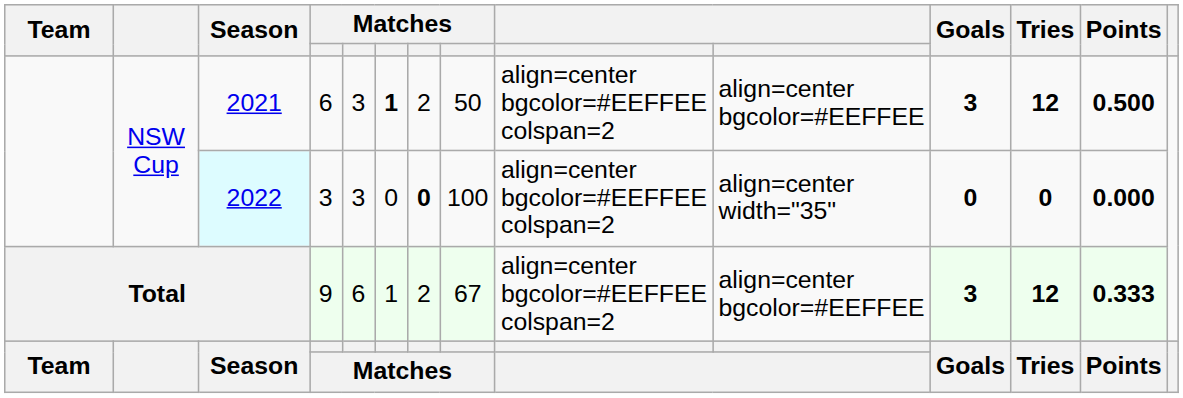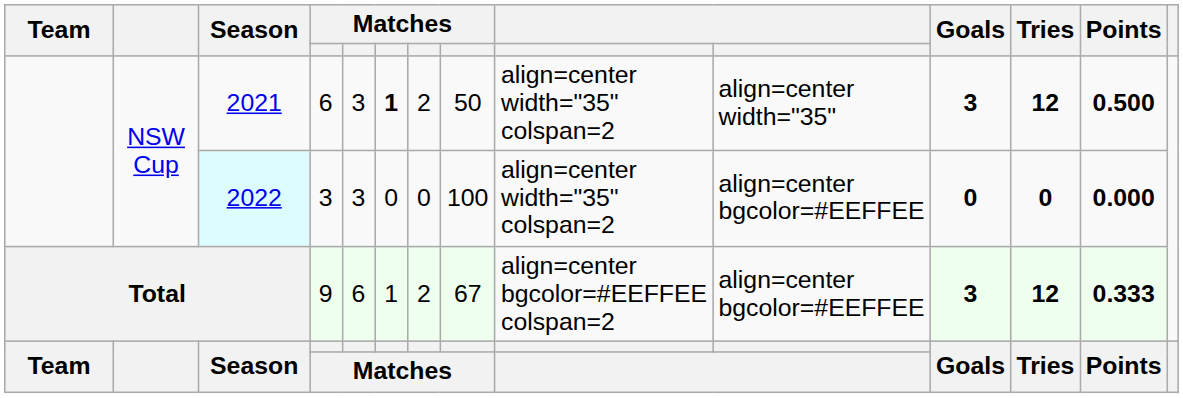 <table class="wikitable" style="width:60%;">
 <tr>
 <th rowspan=2 width="160">Team</th>
 <th rowspan=2 width="95"></th>
 <th rowspan=2 width="95">Season</th>
 <th colspan=5>Matches</th>
 <th colspan=2></th>
 <th rowspan=2>Goals</th>
 <th rowspan=2>Tries</th>
 <th rowspan=2>Points</th>
 <th rowspan=2></th>
 </tr>
 <tr>
 <th></th>
 <th></th>
 <th></th>
 <th></th>
 <th></th>
 <th></th>
 <th></th>
 </tr>
 <tr>
 <td align=center rowspan=2></td>
 <td align=center rowspan=2><a href='#'>NSW Cup</a></td>
 <td align=center><a href='#'>2021</a></td>
 <td align=center width="35">6</td>
 <td align=center width="35">3</td>
 <td align=center width="35"><strong>1</strong></td>
 <td align=center width="35">2</td>
 <td align=center width="35">50</td>
-<td>align=center bgcolor=#EEFFEE colspan=2 </td>
-<td>align=center bgcolor=#EEFFEE </td>
+<td>align=center width="35" colspan=2 </td>
+<td>align=center width="35" </td>
 <td align=center width="35"><strong>3</strong></td>
 <td align=center width="35"><strong>12</strong></td>
 <td align=center width="45"><strong>0.500</strong></td>
 </tr>
 <tr>
 <td align=center bgcolor=#DDFCFF><a href='#'>2022</a></td>
 <td align=center width="35">3</td>
 <td align=center width="35">3</td>
 <td align=center width="35">0</td>
-<td align=center width="35"><strong>0</strong></td>
+<td align=center width="35">0</td>
 <td align=center width="35">100</td>
-<td>align=center bgcolor=#EEFFEE colspan=2 </td>
-<td>align=center width="35" </td>
+<td>align=center width="35" colspan=2 </td>
+<td>align=center bgcolor=#EEFFEE </td>
 <td align=center width="35"><strong>0</strong></td>
 <td align=center width="35"><strong>0</strong></td>
 <td align=center width="45"><strong>0.000</strong></td>
 </tr>
 <tr>
 <th colspan=3>Total</th>
 <td align=center bgcolor=#EEFFEE>9</td>
 <td align=center bgcolor=#EEFFEE>6</td>
 <td align=center bgcolor=#EEFFEE>1</td>
 <td align=center bgcolor=#EEFFEE>2</td>
 <td align=center bgcolor=#EEFFEE>67</td>
 <td>align=center bgcolor=#EEFFEE colspan=2 </td>
 <td>align=center bgcolor=#EEFFEE </td>
 <td align=center bgcolor=#EEFFEE><strong>3</strong></td>
 <td align=center bgcolor=#EEFFEE><strong>12</strong></td>
 <td align=center bgcolor=#EEFFEE><strong>0.333</strong></td>
 </tr>
 <tr>
 <th rowspan=2 width="160">Team</th>
 <th rowspan=2 width="95"></th>
 <th rowspan=2 width="95">Season</th>
 <th></th>
 <th></th>
 <th></th>
 <th></th>
 <th></th>
 <th></th>
 <th></th>
 <th rowspan=2>Goals</th>
 <th rowspan=2>Tries</th>
 <th rowspan=2>Points</th>
 <th rowspan=2></th>
 </tr>
 <tr>
 <th colspan=5>Matches</th>
 <th colspan=2></th>
 </tr>
 </table>
